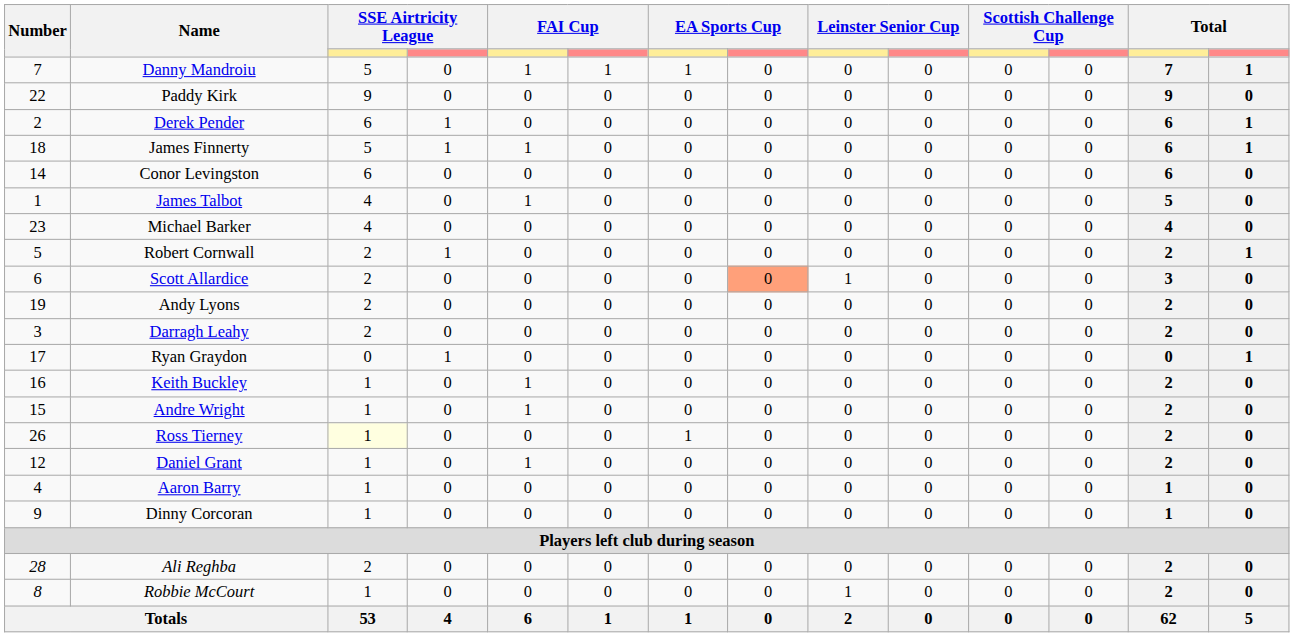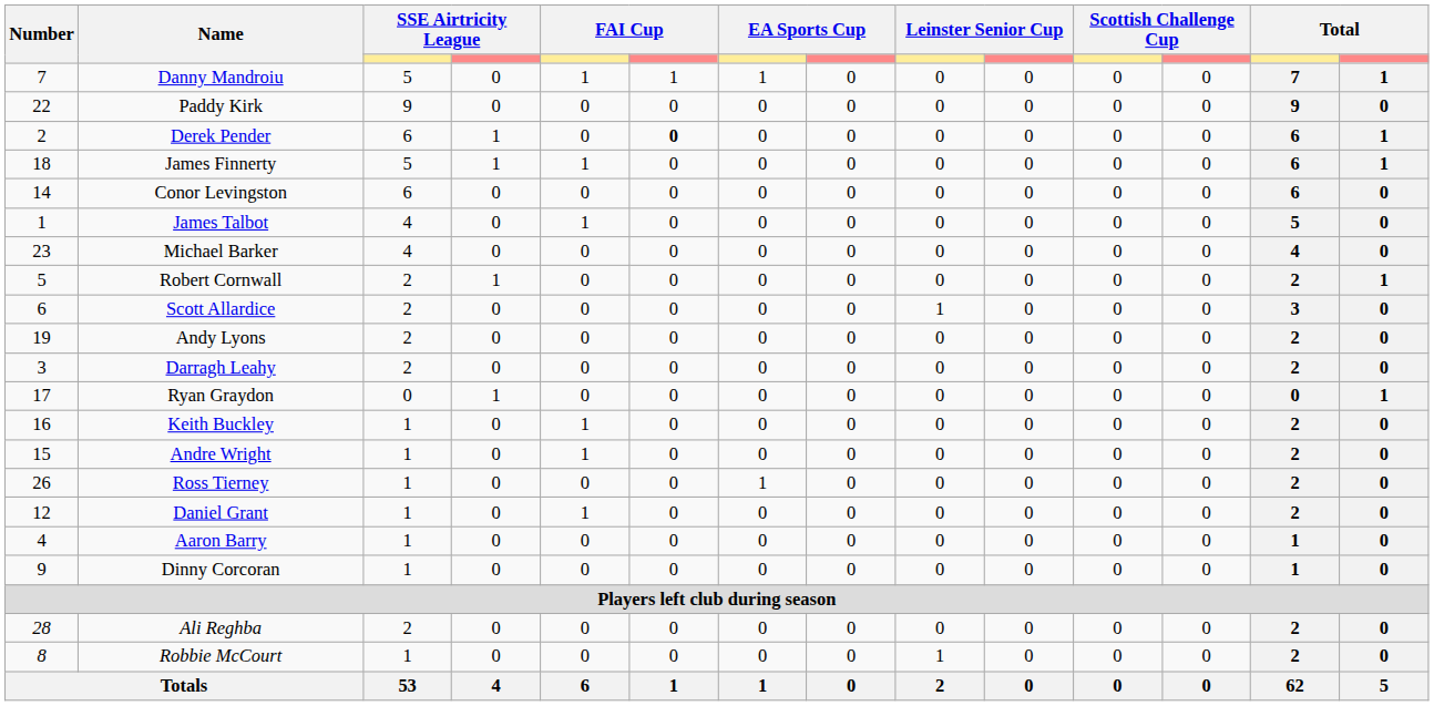 <table class="wikitable" style="text-align:center">
 <tr>
 <th rowspan="2" style="width:5%">Number</th>
 <th rowspan="2" style="width:20%">Name</th>
 <th colspan="2"><a href='#'>SSE Airtricity League</a></th>
 <th colspan="2"><a href='#'>FAI Cup</a></th>
 <th colspan="2"><a href='#'>EA Sports Cup</a></th>
 <th colspan="2"><a href='#'>Leinster Senior Cup</a></th>
 <th colspan="2"><a href='#'>Scottish Challenge Cup</a></th>
 <th colspan="2">Total</th>
 </tr>
 <tr>
 <th style="width:60px;background:#fe9"></th>
 <th style="width:60px;background:#f88"></th>
 <th style="width:60px;background:#fe9"></th>
 <th style="width:60px;background:#f88"></th>
 <th style="width:60px;background:#fe9"></th>
 <th style="width:60px;background:#f88"></th>
 <th style="width:60px;background:#fe9"></th>
 <th style="width:60px;background:#f88"></th>
 <th style="width:60px;background:#fe9"></th>
 <th style="width:60px;background:#f88"></th>
 <th style="width:60px;background:#fe9"></th>
 <th style="width:60px;background:#f88"></th>
 </tr>
 <tr>
 <td>7</td>
 <td><a href='#'>Danny Mandroiu</a></td>
 <td>5</td>
 <td>0</td>
 <td>1</td>
 <td>1</td>
 <td>1</td>
 <td>0</td>
 <td>0</td>
 <td>0</td>
 <td>0</td>
 <td>0</td>
 <th>7</th>
 <th>1</th>
 </tr>
 <tr>
 <td>22</td>
 <td>Paddy Kirk</td>
 <td>9</td>
 <td>0</td>
 <td>0</td>
 <td>0</td>
 <td>0</td>
 <td>0</td>
 <td>0</td>
 <td>0</td>
 <td>0</td>
 <td>0</td>
 <th>9</th>
 <th>0</th>
 </tr>
 <tr>
 <td>2</td>
 <td><a href='#'>Derek Pender</a></td>
 <td>6</td>
 <td>1</td>
 <td>0</td>
-<td>0</td>
+<td><strong>0</strong></td>
 <td>0</td>
 <td>0</td>
 <td>0</td>
 <td>0</td>
 <td>0</td>
 <td>0</td>
 <th>6</th>
 <th>1</th>
 </tr>
 <tr>
 <td>18</td>
 <td>James Finnerty</td>
 <td>5</td>
 <td>1</td>
 <td>1</td>
 <td>0</td>
 <td>0</td>
 <td>0</td>
 <td>0</td>
 <td>0</td>
 <td>0</td>
 <td>0</td>
 <th>6</th>
 <th>1</th>
 </tr>
 <tr>
 <td>14</td>
 <td>Conor Levingston</td>
 <td>6</td>
 <td>0</td>
 <td>0</td>
 <td>0</td>
 <td>0</td>
 <td>0</td>
 <td>0</td>
 <td>0</td>
 <td>0</td>
 <td>0</td>
 <th>6</th>
 <th>0</th>
 </tr>
 <tr>
 <td>1</td>
 <td><a href='#'>James Talbot</a></td>
 <td>4</td>
 <td>0</td>
 <td>1</td>
 <td>0</td>
 <td>0</td>
 <td>0</td>
 <td>0</td>
 <td>0</td>
 <td>0</td>
 <td>0</td>
 <th>5</th>
 <th>0</th>
 </tr>
 <tr>
 <td>23</td>
 <td>Michael Barker</td>
 <td>4</td>
 <td>0</td>
 <td>0</td>
 <td>0</td>
 <td>0</td>
 <td>0</td>
 <td>0</td>
 <td>0</td>
 <td>0</td>
 <td>0</td>
 <th>4</th>
 <th>0</th>
 </tr>
 <tr>
 <td>5</td>
 <td>Robert Cornwall</td>
 <td>2</td>
 <td>1</td>
 <td>0</td>
 <td>0</td>
 <td>0</td>
 <td>0</td>
 <td>0</td>
 <td>0</td>
 <td>0</td>
 <td>0</td>
 <th>2</th>
 <th>1</th>
 </tr>
 <tr>
 <td>6</td>
 <td><a href='#'>Scott Allardice</a></td>
 <td>2</td>
 <td>0</td>
 <td>0</td>
 <td>0</td>
 <td>0</td>
-<td style="background: lightsalmon;">0</td>
+<td>0</td>
 <td>1</td>
 <td>0</td>
 <td>0</td>
 <td>0</td>
 <th>3</th>
 <th>0</th>
 </tr>
 <tr>
 <td>19</td>
 <td>Andy Lyons</td>
 <td>2</td>
 <td>0</td>
 <td>0</td>
 <td>0</td>
 <td>0</td>
 <td>0</td>
 <td>0</td>
 <td>0</td>
 <td>0</td>
 <td>0</td>
 <th>2</th>
 <th>0</th>
 </tr>
 <tr>
 <td>3</td>
 <td><a href='#'>Darragh Leahy</a></td>
 <td>2</td>
 <td>0</td>
 <td>0</td>
 <td>0</td>
 <td>0</td>
 <td>0</td>
 <td>0</td>
 <td>0</td>
 <td>0</td>
 <td>0</td>
 <th>2</th>
 <th>0</th>
 </tr>
 <tr>
 <td>17</td>
 <td>Ryan Graydon</td>
 <td>0</td>
 <td>1</td>
 <td>0</td>
 <td>0</td>
 <td>0</td>
 <td>0</td>
 <td>0</td>
 <td>0</td>
 <td>0</td>
 <td>0</td>
 <th>0</th>
 <th>1</th>
 </tr>
 <tr>
 <td>16</td>
 <td><a href='#'>Keith Buckley</a></td>
 <td>1</td>
 <td>0</td>
 <td>1</td>
 <td>0</td>
 <td>0</td>
 <td>0</td>
 <td>0</td>
 <td>0</td>
 <td>0</td>
 <td>0</td>
 <th>2</th>
 <th>0</th>
 </tr>
 <tr>
 <td>15</td>
 <td><a href='#'>Andre Wright</a></td>
 <td>1</td>
 <td>0</td>
 <td>1</td>
 <td>0</td>
 <td>0</td>
 <td>0</td>
 <td>0</td>
 <td>0</td>
 <td>0</td>
 <td>0</td>
 <th>2</th>
 <th>0</th>
 </tr>
 <tr>
 <td>26</td>
 <td><a href='#'>Ross Tierney</a></td>
-<td style="background: lightyellow;">1</td>
+<td>1</td>
 <td>0</td>
 <td>0</td>
 <td>0</td>
 <td>1</td>
 <td>0</td>
 <td>0</td>
 <td>0</td>
 <td>0</td>
 <td>0</td>
 <th>2</th>
 <th>0</th>
 </tr>
 <tr>
 <td>12</td>
 <td><a href='#'>Daniel Grant</a></td>
 <td>1</td>
 <td>0</td>
 <td>1</td>
 <td>0</td>
 <td>0</td>
 <td>0</td>
 <td>0</td>
 <td>0</td>
 <td>0</td>
 <td>0</td>
 <th>2</th>
 <th>0</th>
 </tr>
 <tr>
 <td>4</td>
 <td><a href='#'>Aaron Barry</a></td>
 <td>1</td>
 <td>0</td>
 <td>0</td>
 <td>0</td>
 <td>0</td>
 <td>0</td>
 <td>0</td>
 <td>0</td>
 <td>0</td>
 <td>0</td>
 <th>1</th>
 <th>0</th>
 </tr>
 <tr>
 <td>9</td>
 <td>Dinny Corcoran</td>
 <td>1</td>
 <td>0</td>
 <td>0</td>
 <td>0</td>
 <td>0</td>
 <td>0</td>
 <td>0</td>
 <td>0</td>
 <td>0</td>
 <td>0</td>
 <th>1</th>
 <th>0</th>
 </tr>
 <tr>
 <th colspan=15 style=background:#dcdcdc>Players left club during season</th>
 </tr>
 <tr>
 <td><em>28</em></td>
 <td><em>Ali Reghba</em></td>
 <td>2</td>
 <td>0</td>
 <td>0</td>
 <td>0</td>
 <td>0</td>
 <td>0</td>
 <td>0</td>
 <td>0</td>
 <td>0</td>
 <td>0</td>
 <th>2</th>
 <th>0</th>
 </tr>
 <tr>
 <td><em>8</em></td>
 <td><em>Robbie McCourt</em></td>
 <td>1</td>
 <td>0</td>
 <td>0</td>
 <td>0</td>
 <td>0</td>
 <td>0</td>
 <td>1</td>
 <td>0</td>
 <td>0</td>
 <td>0</td>
 <th>2</th>
 <th>0</th>
 </tr>
 <tr>
 <th colspan="2">Totals</th>
 <th>53</th>
 <th>4</th>
 <th>6</th>
 <th>1</th>
 <th>1</th>
 <th>0</th>
 <th>2</th>
 <th>0</th>
 <th>0</th>
 <th>0</th>
 <th>62</th>
 <th>5</th>
 </tr>
 </table>
